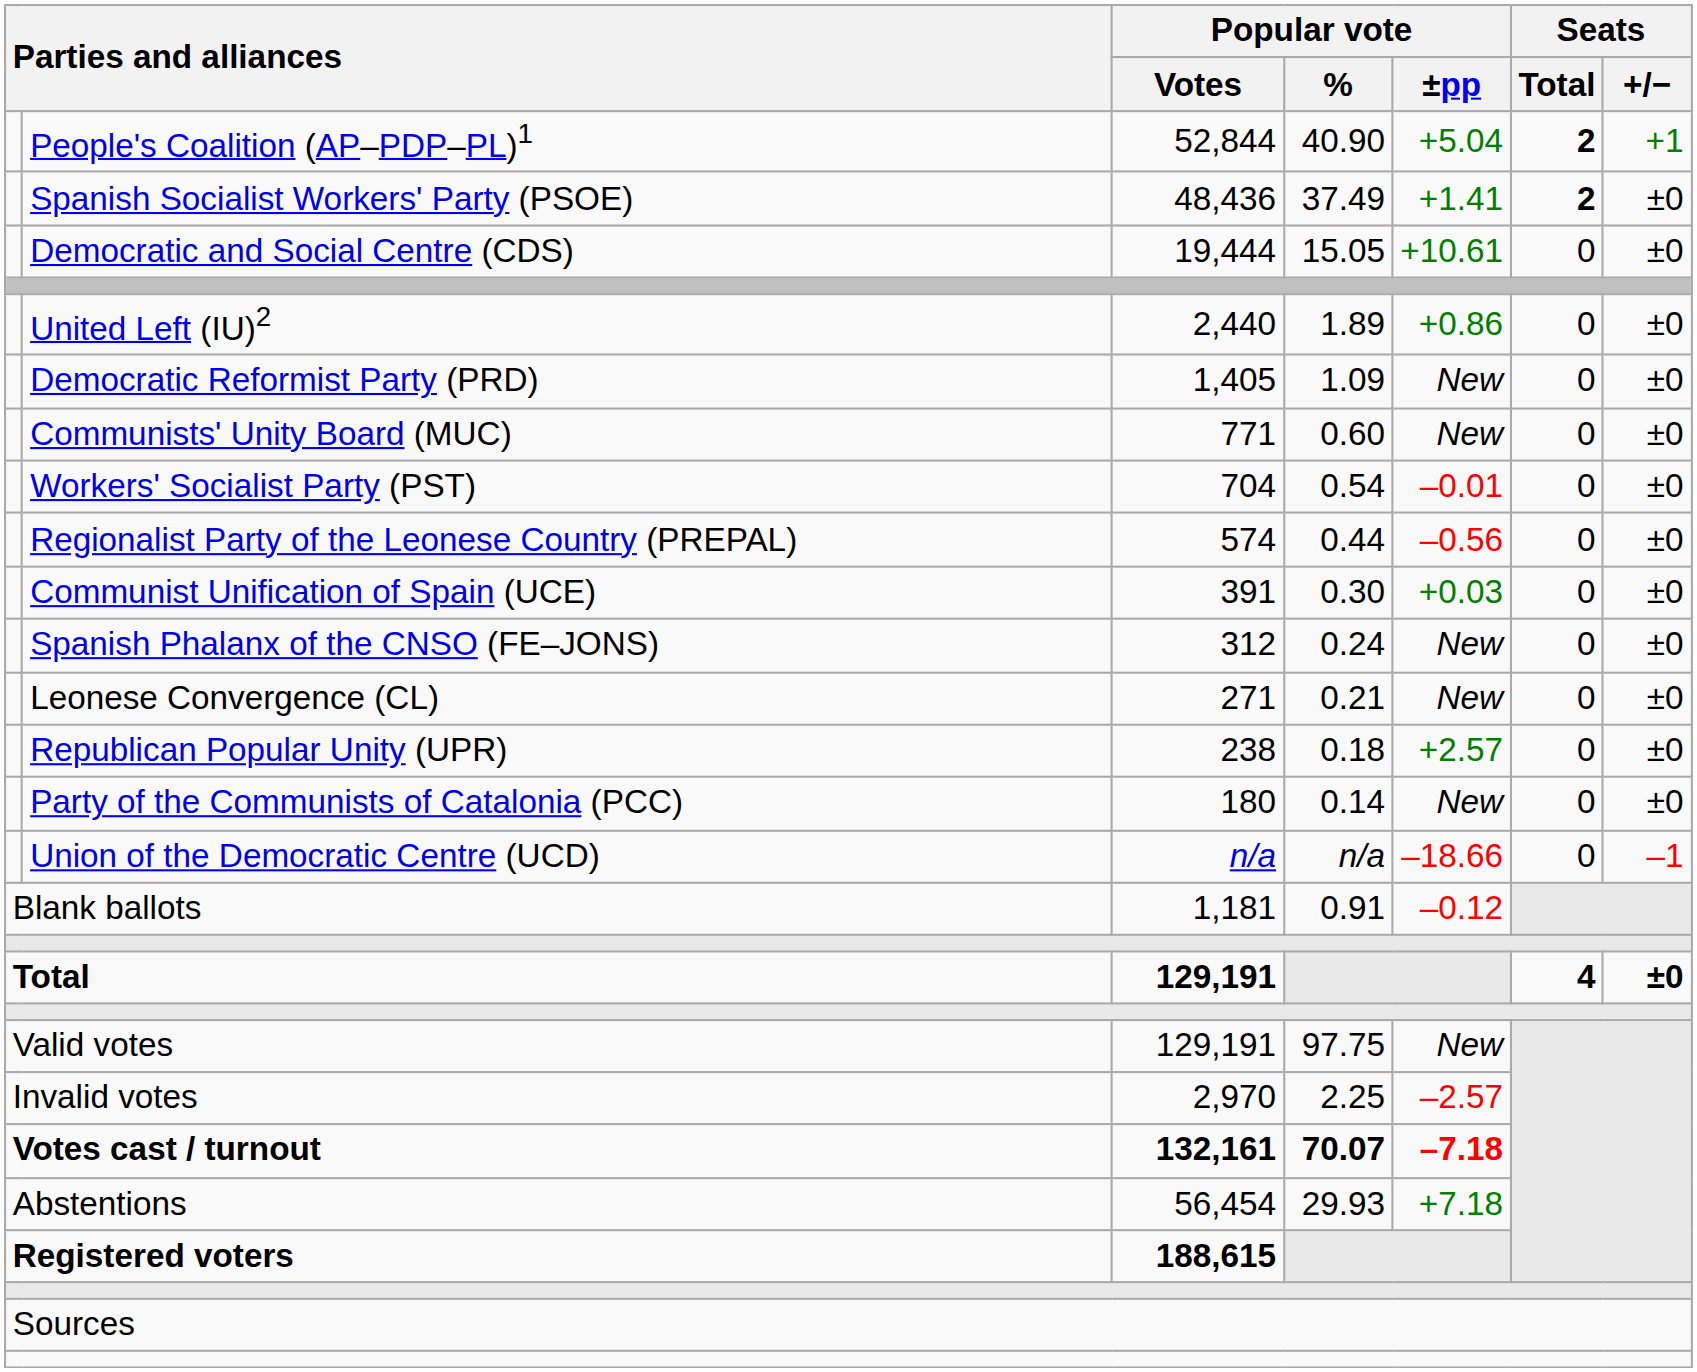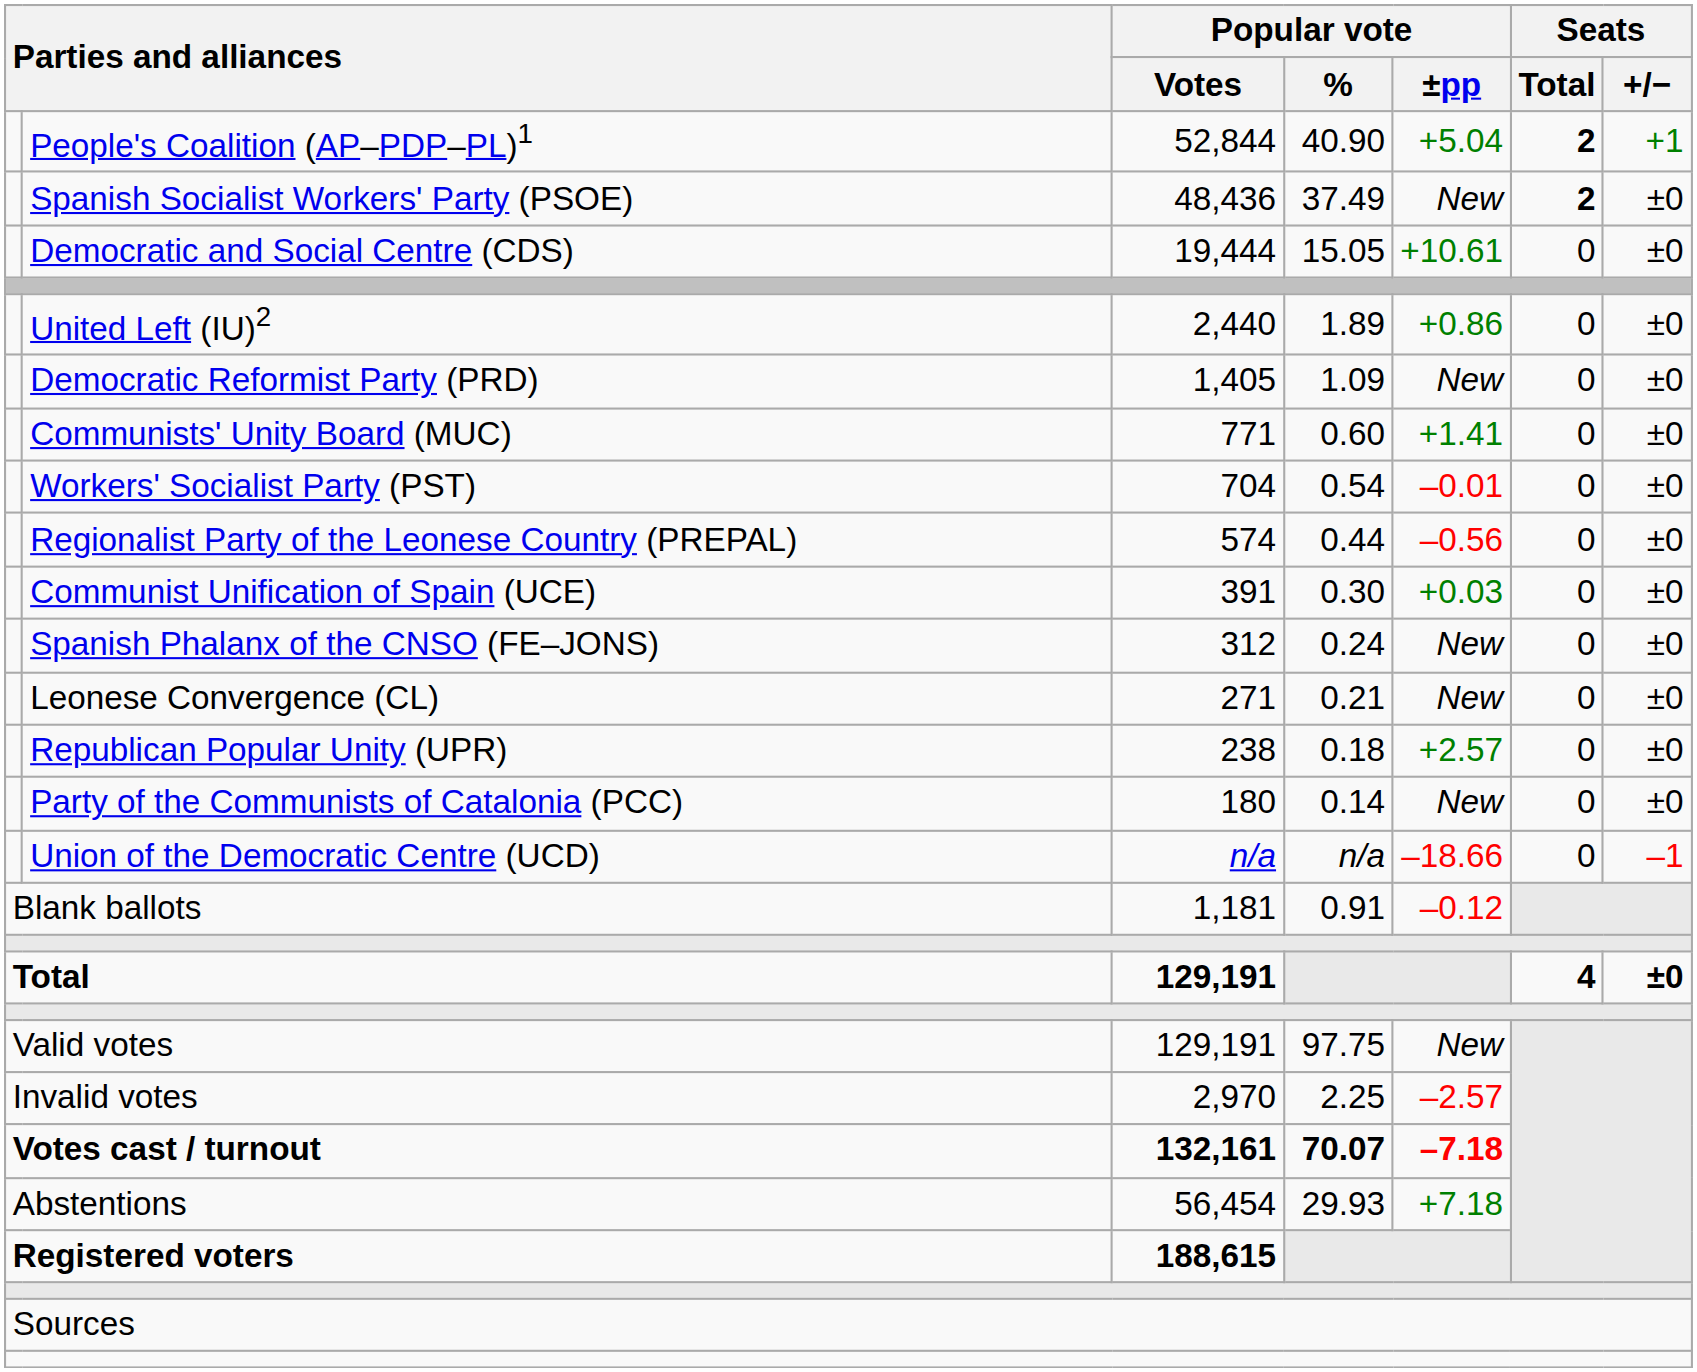 <table class="wikitable" style="text-align:right;">
 <tr>
 <th style="text-align:left;" rowspan="2" colspan="2" width="525">Parties and alliances</th>
 <th colspan="3">Popular vote</th>
 <th colspan="2">Seats</th>
 </tr>
 <tr>
 <th width="75">Votes</th>
 <th width="45">%</th>
 <th width="45">±<a href='#'>pp</a></th>
 <th width="35">Total</th>
 <th width="35">+/−</th>
 </tr>
 <tr>
 <td width="1" style="color:inherit;background:"></td>
 <td align="left"><a href='#'>People's Coalition</a> (<a href='#'>AP</a>–<a href='#'>PDP</a>–<a href='#'>PL</a>)<sup>1</sup></td>
 <td>52,844</td>
 <td>40.90</td>
 <td style="color:green;">+5.04</td>
 <td><strong>2</strong></td>
 <td style="color:green;">+1</td>
 </tr>
 <tr>
 <td style="color:inherit;background:"></td>
 <td align="left"><a href='#'>Spanish Socialist Workers' Party</a> (PSOE)</td>
 <td>48,436</td>
 <td>37.49</td>
-<td style="color:green;">+1.41</td>
+<td><em>New</em></td>
 <td><strong>2</strong></td>
 <td>±0</td>
 </tr>
 <tr>
 <td style="color:inherit;background:"></td>
 <td align="left"><a href='#'>Democratic and Social Centre</a> (CDS)</td>
 <td>19,444</td>
 <td>15.05</td>
 <td style="color:green;">+10.61</td>
 <td>0</td>
 <td>±0</td>
 </tr>
 <tr>
 <td colspan="7" bgcolor="#C0C0C0"></td>
 </tr>
 <tr>
 <td style="color:inherit;background:"></td>
 <td align="left"><a href='#'>United Left</a> (IU)<sup>2</sup></td>
 <td>2,440</td>
 <td>1.89</td>
 <td style="color:green;">+0.86</td>
 <td>0</td>
 <td>±0</td>
 </tr>
 <tr>
 <td style="color:inherit;background:"></td>
 <td align="left"><a href='#'>Democratic Reformist Party</a> (PRD)</td>
 <td>1,405</td>
 <td>1.09</td>
 <td><em>New</em></td>
 <td>0</td>
 <td>±0</td>
 </tr>
 <tr>
 <td style="color:inherit;background:"></td>
 <td align="left"><a href='#'>Communists' Unity Board</a> (MUC)</td>
 <td>771</td>
 <td>0.60</td>
-<td><em>New</em></td>
+<td style="color:green;">+1.41</td>
 <td>0</td>
 <td>±0</td>
 </tr>
 <tr>
 <td style="color:inherit;background:"></td>
 <td align="left"><a href='#'>Workers' Socialist Party</a> (PST)</td>
 <td>704</td>
 <td>0.54</td>
 <td style="color:red;">–0.01</td>
 <td>0</td>
 <td>±0</td>
 </tr>
 <tr>
 <td style="color:inherit;background:"></td>
 <td align="left"><a href='#'>Regionalist Party of the Leonese Country</a> (PREPAL)</td>
 <td>574</td>
 <td>0.44</td>
 <td style="color:red;">–0.56</td>
 <td>0</td>
 <td>±0</td>
 </tr>
 <tr>
 <td style="color:inherit;background:"></td>
 <td align="left"><a href='#'>Communist Unification of Spain</a> (UCE)</td>
 <td>391</td>
 <td>0.30</td>
 <td style="color:green;">+0.03</td>
 <td>0</td>
 <td>±0</td>
 </tr>
 <tr>
 <td style="color:inherit;background:"></td>
 <td align="left"><a href='#'>Spanish Phalanx of the CNSO</a> (FE–JONS)</td>
 <td>312</td>
 <td>0.24</td>
 <td><em>New</em></td>
 <td>0</td>
 <td>±0</td>
 </tr>
 <tr>
 <td style="color:inherit;background:"></td>
 <td align="left">Leonese Convergence (CL)</td>
 <td>271</td>
 <td>0.21</td>
 <td><em>New</em></td>
 <td>0</td>
 <td>±0</td>
 </tr>
 <tr>
 <td style="color:inherit;background:"></td>
 <td align="left"><a href='#'>Republican Popular Unity</a> (UPR)</td>
 <td>238</td>
 <td>0.18</td>
 <td style="color:green;">+2.57</td>
 <td>0</td>
 <td>±0</td>
 </tr>
 <tr>
 <td style="color:inherit;background:"></td>
 <td align="left"><a href='#'>Party of the Communists of Catalonia</a> (PCC)</td>
 <td>180</td>
 <td>0.14</td>
 <td><em>New</em></td>
 <td>0</td>
 <td>±0</td>
 </tr>
 <tr>
 <td style="color:inherit;background:"></td>
 <td align="left"><a href='#'>Union of the Democratic Centre</a> (UCD)</td>
 <td><em><a href='#'>n/a</a></em></td>
 <td><em>n/a</em></td>
 <td style="color:red;">–18.66</td>
 <td>0</td>
 <td style="color:red;">–1</td>
 </tr>
 <tr>
 <td align="left" colspan="2">Blank ballots</td>
 <td>1,181</td>
 <td>0.91</td>
 <td style="color:red;">–0.12</td>
 <td bgcolor="#E9E9E9" colspan="2"></td>
 </tr>
 <tr>
 <td colspan="7" bgcolor="#E9E9E9"></td>
 </tr>
 <tr style="font-weight:bold;">
 <td align="left" colspan="2">Total</td>
 <td>129,191</td>
 <td bgcolor="#E9E9E9" colspan="2"></td>
 <td>4</td>
 <td>±0</td>
 </tr>
 <tr>
 <td colspan="7" bgcolor="#E9E9E9"></td>
 </tr>
 <tr>
 <td align="left" colspan="2">Valid votes</td>
 <td>129,191</td>
 <td>97.75</td>
 <td><em>New</em></td>
 <td bgcolor="#E9E9E9" colspan="2" rowspan="5"></td>
 </tr>
 <tr>
 <td align="left" colspan="2">Invalid votes</td>
 <td>2,970</td>
 <td>2.25</td>
 <td style="color:red;">–2.57</td>
 </tr>
 <tr style="font-weight:bold;">
 <td align="left" colspan="2">Votes cast / turnout</td>
 <td>132,161</td>
 <td>70.07</td>
 <td style="color:red;">–7.18</td>
 </tr>
 <tr>
 <td align="left" colspan="2">Abstentions</td>
 <td>56,454</td>
 <td>29.93</td>
 <td style="color:green;">+7.18</td>
 </tr>
 <tr style="font-weight:bold;">
 <td align="left" colspan="2">Registered voters</td>
 <td>188,615</td>
 <td bgcolor="#E9E9E9" colspan="2"></td>
 </tr>
 <tr>
 <td colspan="7" bgcolor="#E9E9E9"></td>
 </tr>
 <tr>
 <td align="left" colspan="7">Sources</td>
 </tr>
 <tr>
 <td colspan="7" style="text-align:left; max-width:790px;"></td>
 </tr>
 </table>
